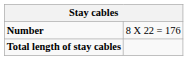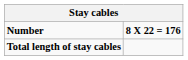 <table class="wikitable" style="font-size:90%;">
 <tr>
 <th colspan=2>Stay cables</th>
 </tr>
 <tr>
 <td><strong>Number</strong></td>
-<td>8 X 22 = 176</td>
+<td><strong>8 X 22 = 176</strong></td>
 </tr>
 <tr>
 <td><strong>Total length of stay cables</strong></td>
 <td></td>
 </tr>
 </table>
